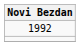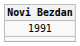 <table class="wikitable" style="margin: 0.5em auto; text-align: center;">
 <tr>
 <th colspan="1">Novi Bezdan</th>
 </tr>
 <tr>
-<td>1992</td>
+<td>1991</td>
 </tr>
 <tr>
 <td></td>
 </tr>
 <tr>
 </tr>
 </table>
